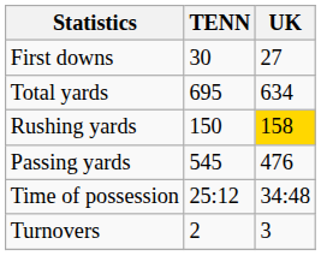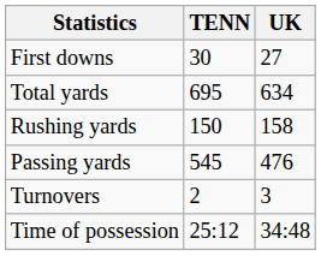 <table class="wikitable">
 <tr>
 <th>Statistics</th>
 <th>TENN</th>
 <th>UK</th>
 </tr>
 <tr>
 <td>First downs</td>
 <td>30</td>
 <td>27</td>
 </tr>
 <tr>
 <td>Total yards</td>
 <td>695</td>
 <td>634</td>
 </tr>
 <tr>
 <td>Rushing yards</td>
 <td>150</td>
-<td style="background: gold;">158</td>
+<td>158</td>
 </tr>
 <tr>
 <td>Passing yards</td>
 <td>545</td>
 <td>476</td>
 </tr>
 <tr>
+<td>Turnovers</td>
+<td>2</td>
+<td>3</td>
+</tr>
+<tr>
 <td>Time of possession</td>
 <td>25:12</td>
 <td>34:48</td>
 </tr>
 <tr>
-<td>Turnovers</td>
-<td>2</td>
-<td>3</td>
-</tr>
-<tr>
 </tr>
 </table>
